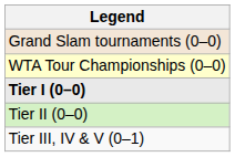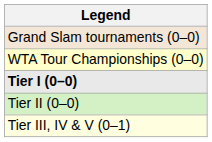 <table class="wikitable sortable mw-collapsible mw-collapsed">
 <tr>
 <th>Legend</th>
 </tr>
 <tr>
 <td style="background:#f3e6d7;">Grand Slam tournaments (0–0)</td>
 </tr>
 <tr>
 <td style="background:#ffc;">WTA Tour Championships (0–0)</td>
 </tr>
 <tr>
 <td style="background:#e9e9e9;"><strong>Tier I (0–0)</strong></td>
 </tr>
 <tr>
 <td style="background:#d4f1c5;">Tier II (0–0)</td>
 </tr>
 <tr>
-<td>Tier III, IV & V (0–1)</td>
+<td style="background: lightyellow;">Tier III, IV & V (0–1)</td>
 </tr>
 </table>
